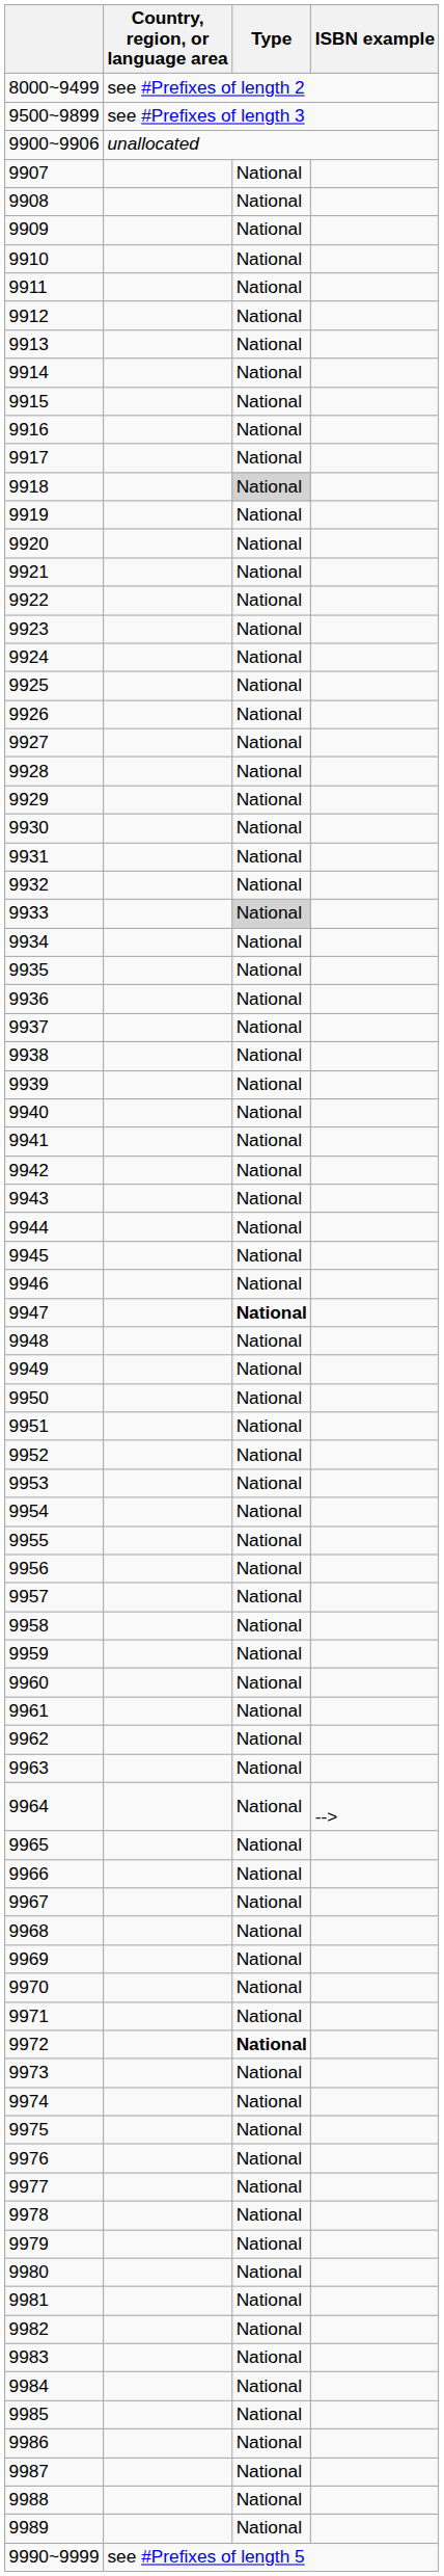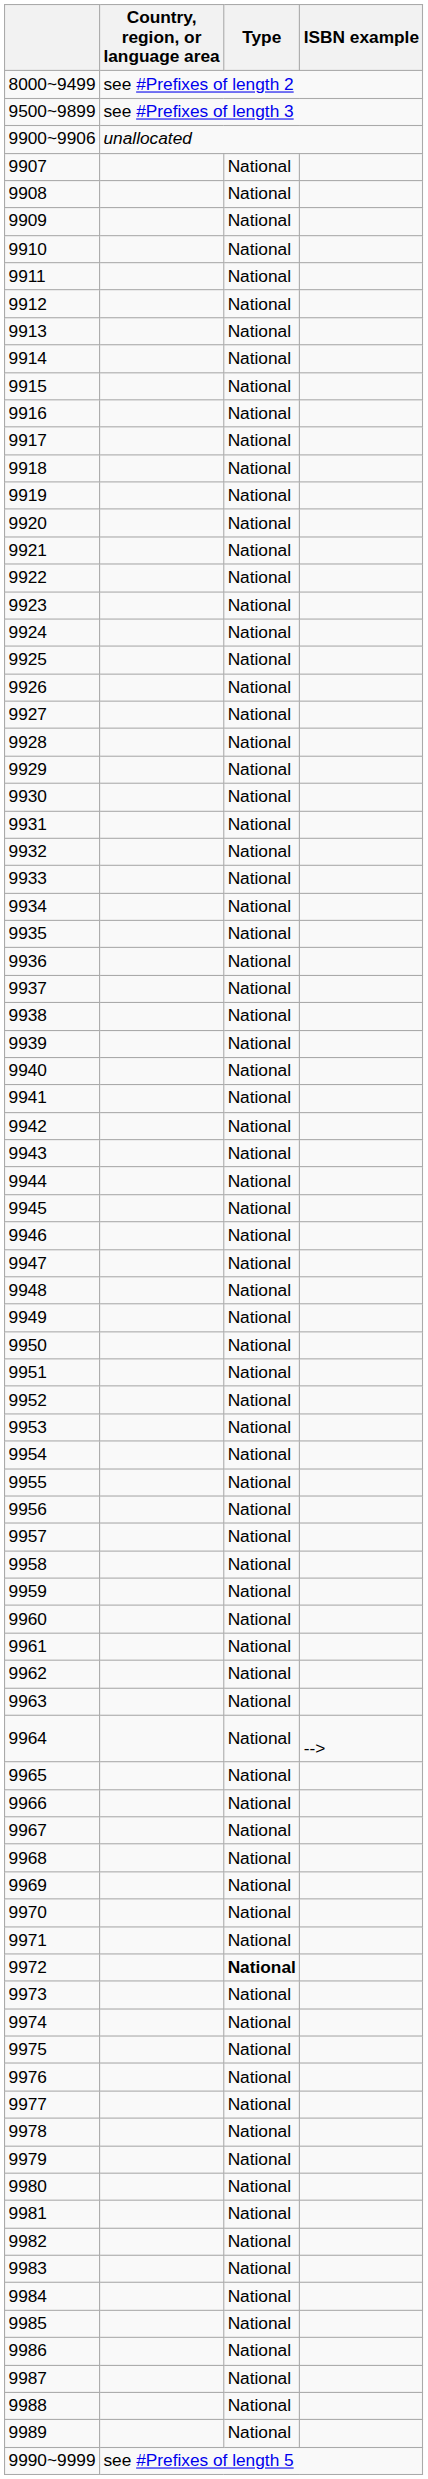 <table class="wikitable sortable">
 <tr>
 <th></th>
 <th>Country,<br>region, or<br>language area<br></th>
 <th>Type</th>
 <th>ISBN example<br></th>
 </tr>
 <tr>
 <td>8000~9499</td>
 <td colspan=3>see <a href='#'>#Prefixes of length 2</a></td>
 </tr>
 <tr>
 <td>9500~9899</td>
 <td colspan=3>see <a href='#'>#Prefixes of length 3</a></td>
 </tr>
 <tr>
 <td>9900~9906</td>
 <td colspan=3><em>unallocated</em></td>
 </tr>
 <tr>
 <td>9907</td>
 <td></td>
 <td>National</td>
 <td></td>
 </tr>
 <tr>
 <td>9908</td>
 <td></td>
 <td>National</td>
 <td></td>
 </tr>
 <tr>
 <td>9909</td>
 <td></td>
 <td>National</td>
 <td></td>
 </tr>
 <tr>
 <td>9910</td>
 <td></td>
 <td>National</td>
 <td><br></td>
 </tr>
 <tr>
 <td>9911</td>
 <td></td>
 <td>National</td>
 <td><br></td>
 </tr>
 <tr>
 <td>9912</td>
 <td></td>
 <td>National</td>
 <td><br></td>
 </tr>
 <tr>
 <td>9913</td>
 <td></td>
 <td>National</td>
 <td><br></td>
 </tr>
 <tr>
 <td>9914</td>
 <td></td>
 <td>National</td>
 <td><br></td>
 </tr>
 <tr>
 <td>9915</td>
 <td></td>
 <td>National</td>
 <td><br></td>
 </tr>
 <tr>
 <td>9916</td>
 <td></td>
 <td>National</td>
 <td><br></td>
 </tr>
 <tr>
 <td>9917</td>
 <td></td>
 <td>National</td>
 <td><br></td>
 </tr>
 <tr>
 <td>9918</td>
 <td></td>
-<td style="background: lightgrey;">National</td>
+<td>National</td>
 <td><br></td>
 </tr>
 <tr>
 <td>9919</td>
 <td></td>
 <td>National</td>
 <td></td>
 </tr>
 <tr>
 <td>9920</td>
 <td></td>
 <td>National</td>
 <td></td>
 </tr>
 <tr>
 <td>9921</td>
 <td></td>
 <td>National</td>
 <td></td>
 </tr>
 <tr>
 <td>9922</td>
 <td></td>
 <td>National</td>
 <td></td>
 </tr>
 <tr>
 <td>9923</td>
 <td></td>
 <td>National</td>
 <td></td>
 </tr>
 <tr>
 <td>9924</td>
 <td></td>
 <td>National</td>
 <td></td>
 </tr>
 <tr>
 <td>9925</td>
 <td></td>
 <td>National</td>
 <td></td>
 </tr>
 <tr>
 <td>9926</td>
 <td></td>
 <td>National</td>
 <td></td>
 </tr>
 <tr>
 <td>9927</td>
 <td></td>
 <td>National</td>
 <td></td>
 </tr>
 <tr>
 <td>9928</td>
 <td></td>
 <td>National</td>
 <td><br></td>
 </tr>
 <tr>
 <td>9929</td>
 <td></td>
 <td>National</td>
 <td><br></td>
 </tr>
 <tr>
 <td>9930</td>
 <td></td>
 <td>National</td>
 <td><br></td>
 </tr>
 <tr>
 <td>9931</td>
 <td></td>
 <td>National</td>
 <td></td>
 </tr>
 <tr>
 <td>9932</td>
 <td></td>
 <td>National</td>
 <td></td>
 </tr>
 <tr>
 <td>9933</td>
 <td></td>
-<td style="background: lightgrey;">National</td>
+<td>National</td>
 <td><br></td>
 </tr>
 <tr>
 <td>9934</td>
 <td></td>
 <td>National</td>
 <td><br></td>
 </tr>
 <tr>
 <td>9935</td>
 <td></td>
 <td>National</td>
 <td></td>
 </tr>
 <tr>
 <td>9936</td>
 <td></td>
 <td>National</td>
 <td><br></td>
 </tr>
 <tr>
 <td>9937</td>
 <td></td>
 <td>National</td>
 <td></td>
 </tr>
 <tr>
 <td>9938</td>
 <td></td>
 <td>National</td>
 <td><br></td>
 </tr>
 <tr>
 <td>9939</td>
 <td></td>
 <td>National</td>
 <td></td>
 </tr>
 <tr>
 <td>9940</td>
 <td></td>
 <td>National</td>
 <td></td>
 </tr>
 <tr>
 <td>9941</td>
 <td></td>
 <td>National</td>
 <td></td>
 </tr>
 <tr>
 <td>9942</td>
 <td></td>
 <td>National</td>
 <td></td>
 </tr>
 <tr>
 <td>9943</td>
 <td></td>
 <td>National</td>
 <td></td>
 </tr>
 <tr>
 <td>9944</td>
 <td></td>
 <td>National</td>
 <td></td>
 </tr>
 <tr>
 <td>9945</td>
 <td></td>
 <td>National</td>
 <td></td>
 </tr>
 <tr>
 <td>9946</td>
 <td></td>
 <td>National</td>
 <td><br></td>
 </tr>
 <tr>
 <td>9947</td>
 <td></td>
-<td><strong>National</strong></td>
+<td>National</td>
 <td></td>
 </tr>
 <tr>
 <td>9948</td>
 <td></td>
 <td>National</td>
 <td></td>
 </tr>
 <tr>
 <td>9949</td>
 <td></td>
 <td>National</td>
 <td><br></td>
 </tr>
 <tr>
 <td>9950</td>
 <td></td>
 <td>National</td>
 <td><br></td>
 </tr>
 <tr>
 <td>9951</td>
 <td></td>
 <td>National</td>
 <td></td>
 </tr>
 <tr>
 <td>9952</td>
 <td></td>
 <td>National</td>
 <td></td>
 </tr>
 <tr>
 <td>9953</td>
 <td></td>
 <td>National</td>
 <td></td>
 </tr>
 <tr>
 <td>9954</td>
 <td></td>
 <td>National</td>
 <td></td>
 </tr>
 <tr>
 <td>9955</td>
 <td></td>
 <td>National</td>
 <td></td>
 </tr>
 <tr>
 <td>9956</td>
 <td></td>
 <td>National</td>
 <td></td>
 </tr>
 <tr>
 <td>9957</td>
 <td></td>
 <td>National</td>
 <td></td>
 </tr>
 <tr>
 <td>9958</td>
 <td></td>
 <td>National</td>
 <td></td>
 </tr>
 <tr>
 <td>9959</td>
 <td></td>
 <td>National</td>
 <td></td>
 </tr>
 <tr>
 <td>9960</td>
 <td></td>
 <td>National</td>
 <td></td>
 </tr>
 <tr>
 <td>9961</td>
 <td></td>
 <td>National</td>
 <td></td>
 </tr>
 <tr>
 <td>9962</td>
 <td></td>
 <td>National</td>
 <td></td>
 </tr>
 <tr>
 <td>9963</td>
 <td></td>
 <td>National</td>
 <td><br></td>
 </tr>
 <tr>
 <td>9964</td>
 <td></td>
 <td>National</td>
 <td><br>--></td>
 </tr>
 <tr>
 <td>9965</td>
 <td></td>
 <td>National</td>
 <td><br></td>
 </tr>
 <tr>
 <td>9966</td>
 <td></td>
 <td>National</td>
 <td><br></td>
 </tr>
 <tr>
 <td>9967</td>
 <td></td>
 <td>National</td>
 <td></td>
 </tr>
 <tr>
 <td>9968</td>
 <td></td>
 <td>National</td>
 <td></td>
 </tr>
 <tr>
 <td>9969</td>
 <td></td>
 <td>National</td>
 <td></td>
 </tr>
 <tr>
 <td>9970</td>
 <td></td>
 <td>National</td>
 <td></td>
 </tr>
 <tr>
 <td>9971</td>
 <td></td>
 <td>National</td>
 <td></td>
 </tr>
 <tr>
 <td>9972</td>
 <td></td>
 <td><strong>National</strong></td>
 <td></td>
 </tr>
 <tr>
 <td>9973</td>
 <td></td>
 <td>National</td>
 <td></td>
 </tr>
 <tr>
 <td>9974</td>
 <td></td>
 <td>National</td>
 <td></td>
 </tr>
 <tr>
 <td>9975</td>
 <td></td>
 <td>National</td>
 <td></td>
 </tr>
 <tr>
 <td>9976</td>
 <td></td>
 <td>National</td>
 <td></td>
 </tr>
 <tr>
 <td>9977</td>
 <td></td>
 <td>National</td>
 <td></td>
 </tr>
 <tr>
 <td>9978</td>
 <td></td>
 <td>National</td>
 <td></td>
 </tr>
 <tr>
 <td>9979</td>
 <td></td>
 <td>National</td>
 <td></td>
 </tr>
 <tr>
 <td>9980</td>
 <td></td>
 <td>National</td>
 <td><br></td>
 </tr>
 <tr>
 <td>9981</td>
 <td></td>
 <td>National</td>
 <td></td>
 </tr>
 <tr>
 <td>9982</td>
 <td></td>
 <td>National</td>
 <td></td>
 </tr>
 <tr>
 <td>9983</td>
 <td></td>
 <td>National</td>
 <td></td>
 </tr>
 <tr>
 <td>9984</td>
 <td></td>
 <td>National</td>
 <td></td>
 </tr>
 <tr>
 <td>9985</td>
 <td></td>
 <td>National</td>
 <td></td>
 </tr>
 <tr>
 <td>9986</td>
 <td></td>
 <td>National</td>
 <td><br></td>
 </tr>
 <tr>
 <td>9987</td>
 <td></td>
 <td>National</td>
 <td></td>
 </tr>
 <tr>
 <td>9988</td>
 <td></td>
 <td>National</td>
 <td></td>
 </tr>
 <tr>
 <td>9989</td>
 <td></td>
 <td>National</td>
 <td><br></td>
 </tr>
 <tr>
 <td>9990~9999</td>
 <td colspan=3>see <a href='#'>#Prefixes of length 5</a></td>
 </tr>
 </table>
